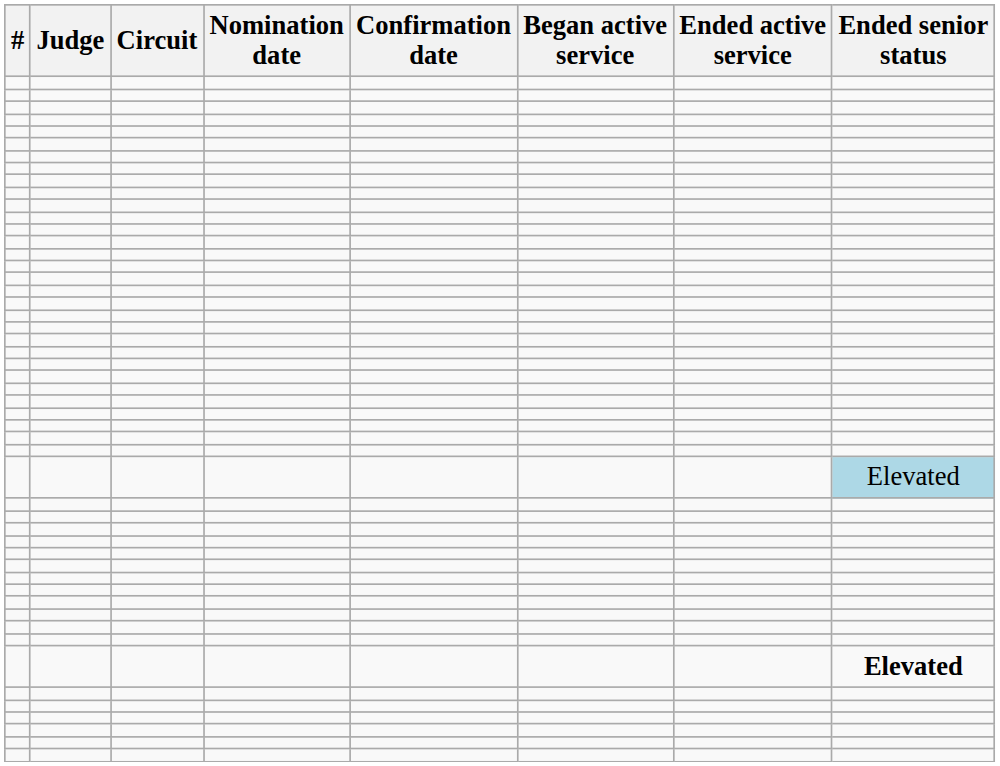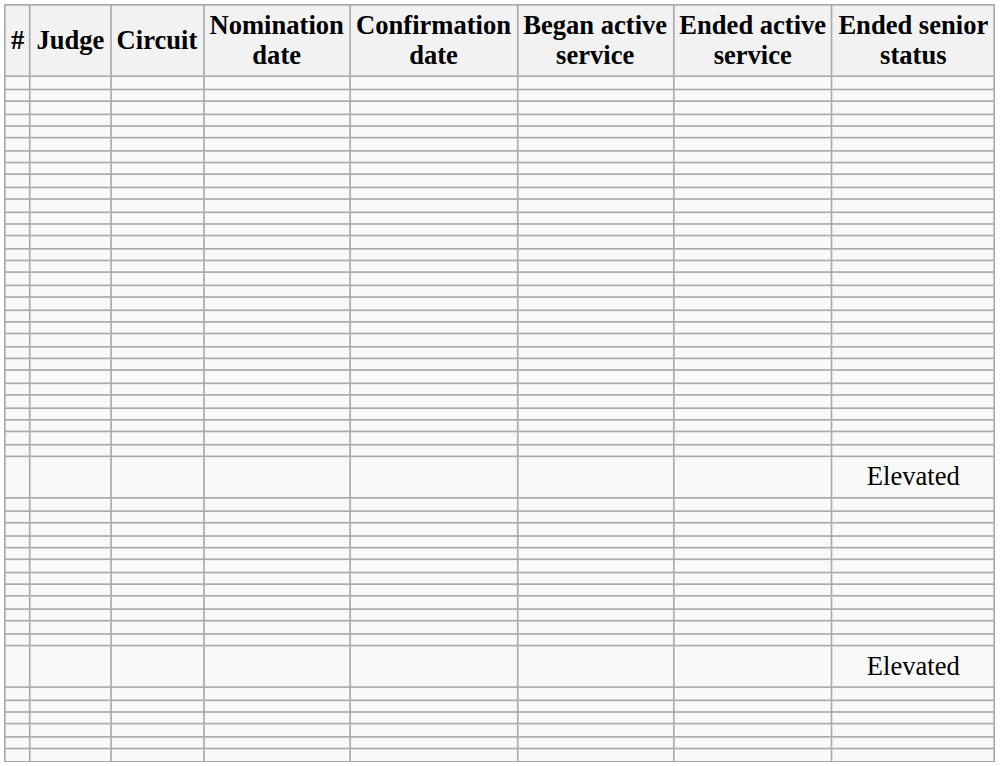 <table class="sortable wikitable">
 <tr bgcolor="#ececec">
 <th>#</th>
 <th>Judge</th>
 <th>Circuit</th>
 <th>Nomination<br>date</th>
 <th>Confirmation<br>date</th>
 <th>Began active<br>service</th>
 <th>Ended active<br>service</th>
 <th>Ended senior<br>status</th>
 </tr>
 <tr>
 <td></td>
 <td></td>
 <td></td>
 <td></td>
 <td></td>
 <td></td>
 <td></td>
 <td></td>
 </tr>
 <tr>
 <td></td>
 <td></td>
 <td></td>
 <td></td>
 <td></td>
 <td></td>
 <td></td>
 <td align="center"></td>
 </tr>
 <tr>
 <td></td>
 <td></td>
 <td></td>
 <td></td>
 <td></td>
 <td></td>
 <td></td>
 <td></td>
 </tr>
 <tr>
 <td></td>
 <td></td>
 <td></td>
 <td></td>
 <td></td>
 <td></td>
 <td></td>
 <td align="center"></td>
 </tr>
 <tr>
 <td></td>
 <td></td>
 <td></td>
 <td></td>
 <td></td>
 <td></td>
 <td></td>
 <td></td>
 </tr>
 <tr>
 <td></td>
 <td></td>
 <td></td>
 <td></td>
 <td></td>
 <td></td>
 <td></td>
 <td></td>
 </tr>
 <tr>
 <td></td>
 <td></td>
 <td></td>
 <td></td>
 <td></td>
 <td></td>
 <td></td>
 <td></td>
 </tr>
 <tr>
 <td></td>
 <td></td>
 <td></td>
 <td></td>
 <td></td>
 <td></td>
 <td></td>
 <td></td>
 </tr>
 <tr>
 <td></td>
 <td></td>
 <td></td>
 <td></td>
 <td></td>
 <td></td>
 <td></td>
 <td align="center"></td>
 </tr>
 <tr>
 <td></td>
 <td></td>
 <td></td>
 <td></td>
 <td></td>
 <td></td>
 <td></td>
 <td align="center"></td>
 </tr>
 <tr>
 <td></td>
 <td></td>
 <td></td>
 <td></td>
 <td></td>
 <td></td>
 <td></td>
 <td></td>
 </tr>
 <tr>
 <td></td>
 <td></td>
 <td></td>
 <td></td>
 <td></td>
 <td></td>
 <td></td>
 <td></td>
 </tr>
 <tr>
 <td></td>
 <td></td>
 <td></td>
 <td></td>
 <td></td>
 <td></td>
 <td></td>
 <td></td>
 </tr>
 <tr>
 <td></td>
 <td></td>
 <td></td>
 <td></td>
 <td></td>
 <td></td>
 <td></td>
 <td></td>
 </tr>
 <tr>
 <td></td>
 <td></td>
 <td></td>
 <td></td>
 <td></td>
 <td></td>
 <td></td>
 <td></td>
 </tr>
 <tr>
 <td></td>
 <td></td>
 <td></td>
 <td></td>
 <td></td>
 <td></td>
 <td></td>
 <td></td>
 </tr>
 <tr>
 <td></td>
 <td></td>
 <td></td>
 <td></td>
 <td></td>
 <td></td>
 <td></td>
 <td></td>
 </tr>
 <tr>
 <td></td>
 <td></td>
 <td></td>
 <td></td>
 <td></td>
 <td></td>
 <td></td>
 <td align="center"></td>
 </tr>
 <tr>
 <td></td>
 <td></td>
 <td></td>
 <td></td>
 <td></td>
 <td></td>
 <td></td>
 <td></td>
 </tr>
 <tr>
 <td></td>
 <td></td>
 <td></td>
 <td></td>
 <td></td>
 <td></td>
 <td></td>
 <td></td>
 </tr>
 <tr>
 <td></td>
 <td></td>
 <td></td>
 <td></td>
 <td></td>
 <td></td>
 <td></td>
 <td align="center"></td>
 </tr>
 <tr>
 <td></td>
 <td></td>
 <td></td>
 <td></td>
 <td></td>
 <td></td>
 <td></td>
 <td align="center"></td>
 </tr>
 <tr>
 <td></td>
 <td></td>
 <td></td>
 <td></td>
 <td></td>
 <td></td>
 <td></td>
 <td align="center"></td>
 </tr>
 <tr>
 <td></td>
 <td></td>
 <td></td>
 <td></td>
 <td></td>
 <td></td>
 <td></td>
 <td></td>
 </tr>
 <tr>
 <td></td>
 <td></td>
 <td></td>
 <td></td>
 <td></td>
 <td></td>
 <td></td>
 <td></td>
 </tr>
 <tr>
 <td></td>
 <td></td>
 <td></td>
 <td></td>
 <td></td>
 <td></td>
 <td></td>
 <td align="center"></td>
 </tr>
 <tr>
 <td></td>
 <td></td>
 <td></td>
 <td></td>
 <td></td>
 <td></td>
 <td></td>
 <td align="center"></td>
 </tr>
 <tr>
 <td></td>
 <td></td>
 <td></td>
 <td></td>
 <td></td>
 <td></td>
 <td></td>
 <td align="center"></td>
 </tr>
 <tr>
 <td></td>
 <td></td>
 <td></td>
 <td></td>
 <td></td>
 <td></td>
 <td></td>
 <td align="center"></td>
 </tr>
 <tr>
 <td></td>
 <td></td>
 <td></td>
 <td></td>
 <td></td>
 <td></td>
 <td></td>
 <td align="center"></td>
 </tr>
 <tr>
 <td></td>
 <td></td>
 <td></td>
 <td></td>
 <td></td>
 <td></td>
 <td></td>
 <td align="center"></td>
 </tr>
 <tr>
 <td></td>
 <td></td>
 <td></td>
 <td></td>
 <td></td>
 <td></td>
 <td></td>
-<td align="center" style="background: lightblue;">Elevated</td>
+<td align="center">Elevated</td>
 </tr>
 <tr>
 <td></td>
 <td></td>
 <td></td>
 <td></td>
 <td></td>
 <td></td>
 <td></td>
 <td></td>
 </tr>
 <tr>
 <td></td>
 <td></td>
 <td></td>
 <td></td>
 <td></td>
 <td></td>
 <td></td>
 <td></td>
 </tr>
 <tr>
 <td></td>
 <td></td>
 <td></td>
 <td></td>
 <td></td>
 <td></td>
 <td></td>
 <td align="center"></td>
 </tr>
 <tr>
 <td></td>
 <td></td>
 <td></td>
 <td></td>
 <td></td>
 <td></td>
 <td></td>
 <td></td>
 </tr>
 <tr>
 <td></td>
 <td></td>
 <td></td>
 <td></td>
 <td></td>
 <td></td>
 <td></td>
 <td></td>
 </tr>
 <tr>
 <td></td>
 <td></td>
 <td></td>
 <td></td>
 <td></td>
 <td></td>
 <td></td>
 <td align="center"></td>
 </tr>
 <tr>
 <td></td>
 <td></td>
 <td></td>
 <td></td>
 <td></td>
 <td></td>
 <td></td>
 <td align="center"></td>
 </tr>
 <tr>
 <td></td>
 <td></td>
 <td></td>
 <td></td>
 <td></td>
 <td></td>
 <td></td>
 <td></td>
 </tr>
 <tr>
 <td></td>
 <td></td>
 <td></td>
 <td></td>
 <td></td>
 <td></td>
 <td></td>
 <td></td>
 </tr>
 <tr>
 <td></td>
 <td></td>
 <td></td>
 <td></td>
 <td></td>
 <td></td>
 <td></td>
 <td></td>
 </tr>
 <tr>
 <td></td>
 <td></td>
 <td></td>
 <td></td>
 <td></td>
 <td></td>
 <td></td>
 <td align="center"></td>
 </tr>
 <tr>
 <td></td>
 <td></td>
 <td></td>
 <td></td>
 <td></td>
 <td></td>
 <td></td>
 <td></td>
 </tr>
 <tr>
 <td></td>
 <td></td>
 <td></td>
 <td></td>
 <td></td>
 <td></td>
 <td></td>
-<td align="center"><strong>Elevated</strong></td>
+<td align="center">Elevated</td>
 </tr>
 <tr>
 <td></td>
 <td></td>
 <td></td>
 <td></td>
 <td></td>
 <td></td>
 <td></td>
 <td align="center"></td>
 </tr>
 <tr>
 <td></td>
 <td></td>
 <td></td>
 <td></td>
 <td></td>
 <td></td>
 <td></td>
 <td align="center"></td>
 </tr>
 <tr>
 <td></td>
 <td></td>
 <td></td>
 <td></td>
 <td></td>
 <td></td>
 <td></td>
 <td align="center"></td>
 </tr>
 <tr>
 <td></td>
 <td></td>
 <td></td>
 <td></td>
 <td></td>
 <td></td>
 <td></td>
 <td></td>
 </tr>
 <tr>
 <td></td>
 <td></td>
 <td></td>
 <td></td>
 <td></td>
 <td></td>
 <td></td>
 <td align="center"></td>
 </tr>
 <tr>
 <td></td>
 <td></td>
 <td></td>
 <td></td>
 <td></td>
 <td></td>
 <td></td>
 <td></td>
 </tr>
 </table>
